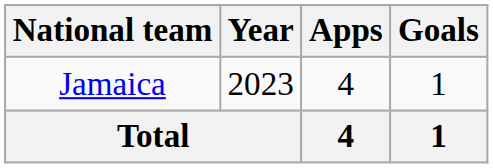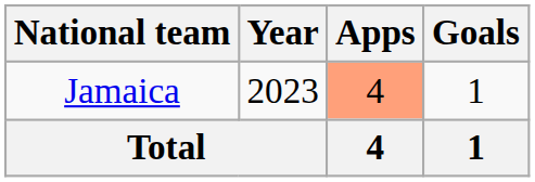 <table class="wikitable" style="text-align: center;">
 <tr>
 <th>National team</th>
 <th>Year</th>
 <th>Apps</th>
 <th>Goals</th>
 </tr>
 <tr>
 <td valign="center"><a href='#'>Jamaica</a></td>
 <td>2023</td>
-<td>4</td>
+<td style="background: lightsalmon;">4</td>
 <td>1</td>
 </tr>
 <tr>
 <th colspan="2">Total</th>
 <th>4</th>
 <th>1</th>
 </tr>
 </table>
